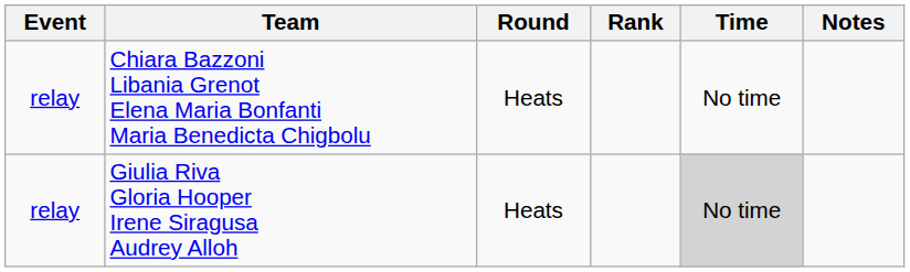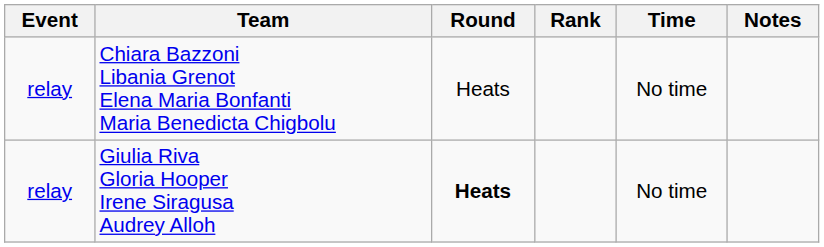 <table class="wikitable" width=50% style="font-size:100%; text-align:center;">
 <tr>
 <th>Event</th>
 <th>Team</th>
 <th>Round</th>
 <th>Rank</th>
 <th>Time</th>
 <th>Notes</th>
 </tr>
 <tr>
 <td><a href='#'> relay</a></td>
 <td align=left><a href='#'>Chiara Bazzoni</a><br><a href='#'>Libania Grenot</a><br><a href='#'>Elena Maria Bonfanti</a><br><a href='#'>Maria Benedicta Chigbolu</a></td>
 <td>Heats</td>
 <td></td>
 <td>No time</td>
 <td></td>
 </tr>
 <tr>
 <td rowspan=2><a href='#'> relay</a></td>
 <td align=left><a href='#'>Giulia Riva</a><br><a href='#'>Gloria Hooper</a><br><a href='#'>Irene Siragusa</a><br><a href='#'>Audrey Alloh</a></td>
-<td>Heats</td>
+<td><strong>Heats</strong></td>
 <td></td>
-<td style="background: lightgrey;">No time</td>
+<td>No time</td>
 <td></td>
 </tr>
 </table>
